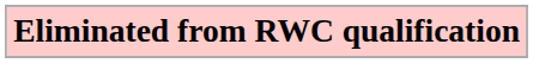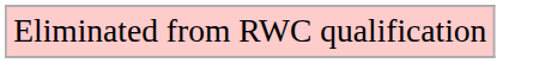 <table class="wikitable">
 <tr>
 </tr>
 <tr width=10px bgcolor=#ffcccc>
-<td><strong>Eliminated from RWC qualification</strong></td>
+<td>Eliminated from RWC qualification</td>
 </tr>
 <tr>
 </tr>
 </table>
